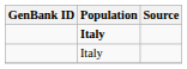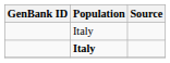 <table class="wikitable sortable">
 <tr>
 <th scope="col">GenBank ID</th>
 <th scope="col">Population</th>
 <th scope="col">Source</th>
 </tr>
 <tr>
 <td></td>
-<td><strong>Italy</strong></td>
+<td>Italy</td>
 <td></td>
 </tr>
 <tr>
 <td></td>
-<td>Italy</td>
+<td><strong>Italy</strong></td>
 <td></td>
 </tr>
 <tr>
 </tr>
 </table>
